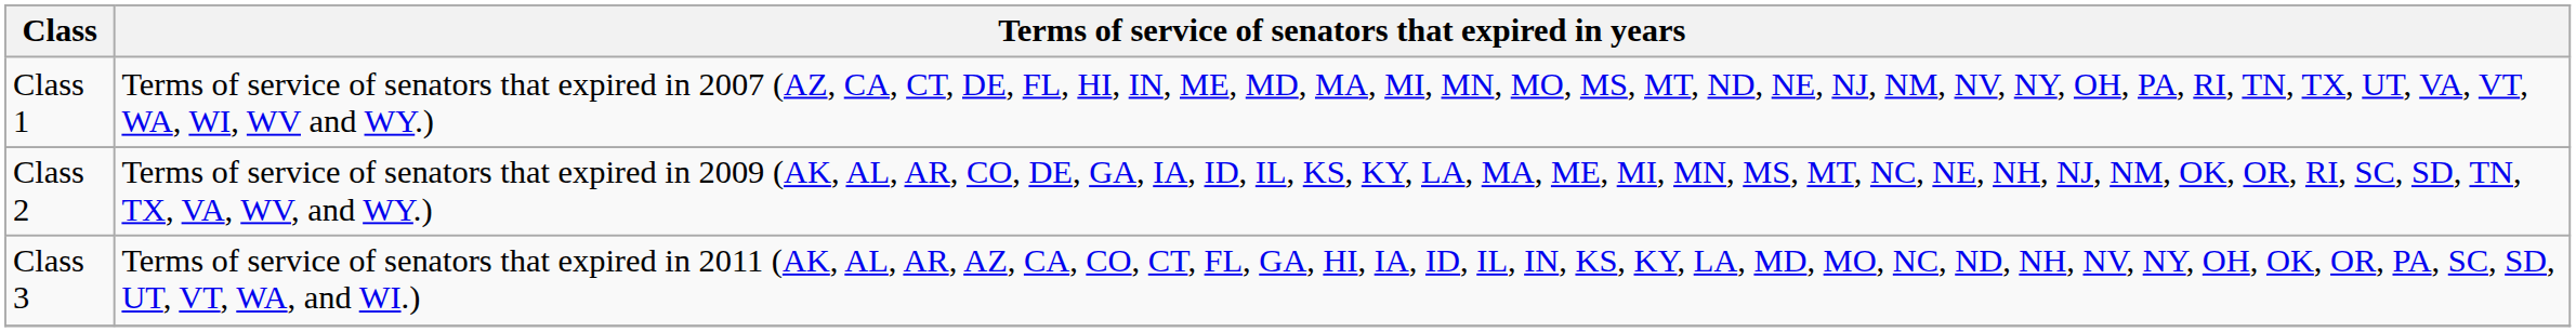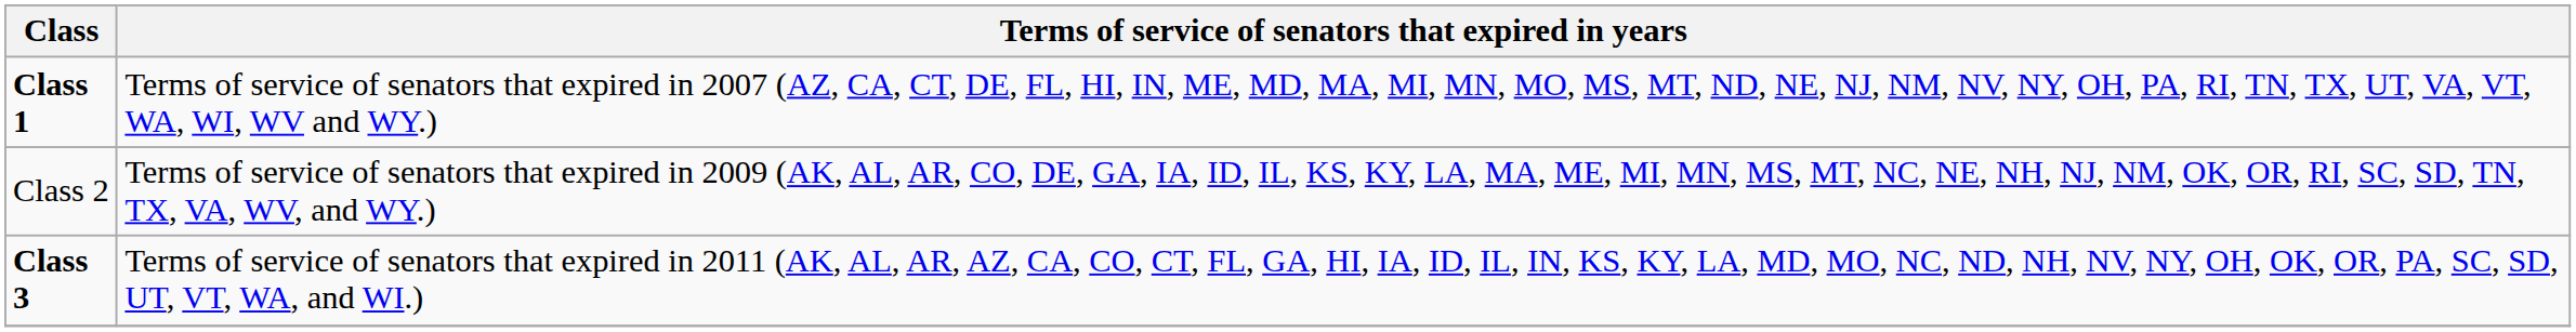 <table class="wikitable sortable">
 <tr valign=bottom>
 <th>Class</th>
 <th>Terms of service of senators that expired in years</th>
 </tr>
 <tr>
-<td>Class 1</td>
+<td><strong>Class 1</strong></td>
 <td>Terms of service of senators that expired in 2007 (<a href='#'>AZ</a>, <a href='#'>CA</a>, <a href='#'>CT</a>, <a href='#'>DE</a>, <a href='#'>FL</a>, <a href='#'>HI</a>, <a href='#'>IN</a>, <a href='#'>ME</a>, <a href='#'>MD</a>, <a href='#'>MA</a>, <a href='#'>MI</a>, <a href='#'>MN</a>, <a href='#'>MO</a>, <a href='#'>MS</a>, <a href='#'>MT</a>, <a href='#'>ND</a>, <a href='#'>NE</a>, <a href='#'>NJ</a>, <a href='#'>NM</a>, <a href='#'>NV</a>, <a href='#'>NY</a>, <a href='#'>OH</a>, <a href='#'>PA</a>, <a href='#'>RI</a>, <a href='#'>TN</a>, <a href='#'>TX</a>, <a href='#'>UT</a>, <a href='#'>VA</a>, <a href='#'>VT</a>, <a href='#'>WA</a>, <a href='#'>WI</a>, <a href='#'>WV</a> and <a href='#'>WY</a>.)</td>
 </tr>
 <tr>
 <td>Class 2</td>
 <td>Terms of service of senators that expired in 2009 (<a href='#'>AK</a>, <a href='#'>AL</a>, <a href='#'>AR</a>, <a href='#'>CO</a>, <a href='#'>DE</a>, <a href='#'>GA</a>,  <a href='#'>IA</a>, <a href='#'>ID</a>, <a href='#'>IL</a>, <a href='#'>KS</a>, <a href='#'>KY</a>, <a href='#'>LA</a>, <a href='#'>MA</a>, <a href='#'>ME</a>, <a href='#'>MI</a>, <a href='#'>MN</a>, <a href='#'>MS</a>, <a href='#'>MT</a>, <a href='#'>NC</a>, <a href='#'>NE</a>, <a href='#'>NH</a>, <a href='#'>NJ</a>, <a href='#'>NM</a>, <a href='#'>OK</a>, <a href='#'>OR</a>, <a href='#'>RI</a>, <a href='#'>SC</a>, <a href='#'>SD</a>, <a href='#'>TN</a>, <a href='#'>TX</a>, <a href='#'>VA</a>, <a href='#'>WV</a>, and <a href='#'>WY</a>.)</td>
 </tr>
 <tr>
-<td>Class 3</td>
+<td><strong>Class 3</strong></td>
 <td>Terms of service of senators that expired in 2011 (<a href='#'>AK</a>, <a href='#'>AL</a>, <a href='#'>AR</a>, <a href='#'>AZ</a>, <a href='#'>CA</a>, <a href='#'>CO</a>, <a href='#'>CT</a>, <a href='#'>FL</a>, <a href='#'>GA</a>, <a href='#'>HI</a>, <a href='#'>IA</a>, <a href='#'>ID</a>, <a href='#'>IL</a>, <a href='#'>IN</a>, <a href='#'>KS</a>, <a href='#'>KY</a>, <a href='#'>LA</a>, <a href='#'>MD</a>, <a href='#'>MO</a>, <a href='#'>NC</a>, <a href='#'>ND</a>, <a href='#'>NH</a>, <a href='#'>NV</a>, <a href='#'>NY</a>, <a href='#'>OH</a>, <a href='#'>OK</a>, <a href='#'>OR</a>, <a href='#'>PA</a>, <a href='#'>SC</a>, <a href='#'>SD</a>, <a href='#'>UT</a>, <a href='#'>VT</a>, <a href='#'>WA</a>, and <a href='#'>WI</a>.)</td>
 </tr>
 <tr>
 </tr>
 </table>
